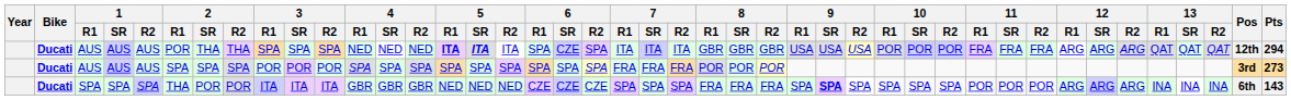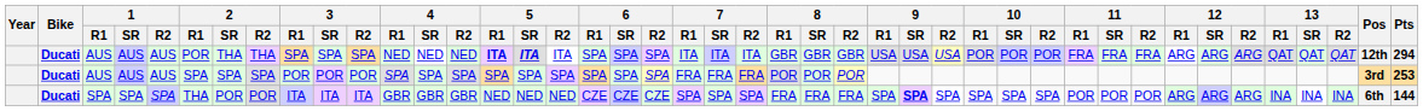 <table class="wikitable" style="text-align:center; font-size:90%;">
 <tr>
 <th rowspan="2">Year</th>
 <th rowspan="2">Bike</th>
 <th colspan="3">1</th>
 <th colspan="3">2</th>
 <th colspan="3">3</th>
 <th colspan="3">4</th>
 <th colspan="3">5</th>
 <th colspan="3">6</th>
 <th colspan="3">7</th>
 <th colspan="3">8</th>
 <th colspan="3">9</th>
 <th colspan="3">10</th>
 <th colspan="3">11</th>
 <th colspan="3">12</th>
 <th colspan="3">13</th>
 <th rowspan="2">Pos</th>
 <th rowspan="2">Pts</th>
 </tr>
 <tr>
 <th>R1</th>
 <th>SR</th>
 <th>R2</th>
 <th>R1</th>
 <th>SR</th>
 <th>R2</th>
 <th>R1</th>
 <th>SR</th>
 <th>R2</th>
 <th>R1</th>
 <th>SR</th>
 <th>R2</th>
 <th>R1</th>
 <th>SR</th>
 <th>R2</th>
 <th>R1</th>
 <th>SR</th>
 <th>R2</th>
 <th>R1</th>
 <th>SR</th>
 <th>R2</th>
 <th>R1</th>
 <th>SR</th>
 <th>R2</th>
 <th>R1</th>
 <th>SR</th>
 <th>R2</th>
 <th>R1</th>
 <th>SR</th>
 <th>R2</th>
 <th>R1</th>
 <th>SR</th>
 <th>R2</th>
 <th>R1</th>
 <th>SR</th>
 <th>R2</th>
 <th>R1</th>
 <th>SR</th>
 <th>R2</th>
 </tr>
 <tr>
 <th></th>
 <th><a href='#'>Ducati</a></th>
 <td style="background:#dfffdf;"><a href='#'>AUS</a><br></td>
 <td style="background:#cfcfff;"><a href='#'>AUS</a><br></td>
 <td style="background:#dfffdf;"><a href='#'>AUS</a><br></td>
 <td style="background:#dfffdf;"><a href='#'>POR</a><br></td>
 <td style="background:#dfffdf;"><a href='#'>THA</a><br></td>
 <td style="background:#efcfff;"><a href='#'>THA</a><br></td>
 <td style="background:#ffdf9f;"><a href='#'>SPA</a><br></td>
 <td style="background:#dfffdf;"><a href='#'>SPA</a><br></td>
 <td style="background:#ffdf9f;"><a href='#'>SPA</a><br></td>
 <td style="background:#dfffdf;"><a href='#'>NED</a><br></td>
 <td style="background:#ffffff;"><a href='#'>NED</a><br></td>
 <td style="background:#dfffdf;"><a href='#'>NED</a><br></td>
 <td style="background:#efcfff;"><strong><a href='#'>ITA</a></strong><br></td>
 <td style="background:#dfdfdf;"><strong><em><a href='#'>ITA</a></em></strong><br></td>
 <td style="background:#ffffff;"><a href='#'>ITA</a><br></td>
 <td style="background:#dfffdf;"><a href='#'>SPA</a><br></td>
-<td style="background:#cfcfff;"><a href='#'>CZE</a><br></td>
+<td style="background:#cfcfff;"><a href='#'>SPA</a><br></td>
 <td style="background:#efcfff;"><a href='#'>SPA</a><br></td>
 <td style="background:#dfffdf;"><a href='#'>ITA</a><br></td>
 <td style="background:#cfcfff;"><a href='#'>ITA</a><br></td>
 <td style="background:#dfffdf;"><a href='#'>ITA</a><br></td>
 <td style="background:#dfffdf;"><a href='#'>GBR</a><br></td>
 <td style="background:#dfffdf;"><a href='#'>GBR</a><br></td>
 <td style="background:#dfffdf;"><a href='#'>GBR</a><br></td>
 <td style="background:#dfdfdf;"><a href='#'>USA</a><br></td>
 <td style="background:#dfdfdf;"><a href='#'>USA</a><br></td>
 <td style="background:#ffffbf;"><em><a href='#'>USA</a></em><br></td>
 <td style="background:#dfdfdf;"><a href='#'>POR</a><br></td>
 <td style="background:#cfcfff;"><a href='#'>POR</a><br></td>
 <td style="background:#cfcfff;"><a href='#'>POR</a><br></td>
 <td style="background:#efcfff;"><a href='#'>FRA</a><br></td>
 <td style="background:#dfffdf;"><a href='#'>FRA</a><br></td>
 <td style="background:#dfffdf;"><a href='#'>FRA</a><br></td>
 <td style="background:#ffffff;"><a href='#'>ARG</a><br></td>
 <td style="background:#dfffdf;"><a href='#'>ARG</a><br></td>
 <td style="background:#dfdfdf;"><em><a href='#'>ARG</a></em><br></td>
 <td style="background:#dfdfdf;"><a href='#'>QAT</a><br></td>
 <td style="background:#dfffdf;"><a href='#'>QAT</a><br></td>
 <td style="background:#dfdfdf;"><em><a href='#'>QAT</a></em><br></td>
 <th>12th</th>
 <th>294</th>
 </tr>
 <tr>
 <th></th>
 <th><a href='#'>Ducati</a></th>
 <td style="background:#dfffdf;"><a href='#'>AUS</a><br></td>
 <td style="background:#cfcfff;"><a href='#'>AUS</a><br></td>
 <td style="background:#dfffdf;"><a href='#'>AUS</a><br></td>
 <td style="background:#dfffdf;"><a href='#'>SPA</a><br></td>
 <td style="background:#dfffdf;"><a href='#'>SPA</a><br></td>
 <td style="background:#dfdfdf;"><a href='#'>SPA</a><br></td>
 <td style="background:#dfffdf;"><a href='#'>POR</a><br></td>
 <td style="background:#efcfff;"><a href='#'>POR</a><br></td>
 <td style="background:#dfffdf;"><a href='#'>POR</a><br></td>
 <td style="background:#dfdfdf;"><em><a href='#'>SPA</a></em><br></td>
 <td style="background:#dfffdf;"><a href='#'>SPA</a><br></td>
 <td style="background:#dfdfdf;"><a href='#'>SPA</a><br></td>
 <td style="background:#ffdf9f;"><a href='#'>SPA</a><br></td>
 <td style="background:#dfffdf;"><a href='#'>SPA</a><br></td>
 <td style="background:#efcfff;"><a href='#'>SPA</a><br></td>
 <td style="background:#ffdf9f;"><a href='#'>SPA</a><br></td>
 <td style="background:#dfffdf;"><a href='#'>SPA</a><br></td>
 <td style="background:#ffffbf;"><em><a href='#'>SPA</a></em><br></td>
 <td style="background:#dfffdf;"><a href='#'>FRA</a><br></td>
 <td style="background:#dfffdf;"><a href='#'>FRA</a><br></td>
 <td style="background:#ffdf9f;"><a href='#'>FRA</a><br></td>
 <td style="background:#dfdfdf;"><a href='#'>POR</a><br></td>
 <td style="background:#dfffdf;"><a href='#'>POR</a><br></td>
 <td style="background:#ffffbf;"><em><a href='#'>POR</a></em><br></td>
 <td></td>
 <td></td>
 <td></td>
 <td></td>
 <td></td>
 <td></td>
 <td></td>
 <td></td>
 <td></td>
 <td></td>
 <td></td>
 <td></td>
 <td></td>
 <td></td>
 <td></td>
 <th style="background:#ffdf9f;">3rd</th>
-<th style="background:#ffdf9f;">273</th>
+<th style="background:#ffdf9f;">253</th>
 </tr>
 <tr>
 <th></th>
 <th><a href='#'>Ducati</a></th>
 <td style="background:#dfffdf;"><a href='#'>SPA</a><br></td>
 <td style="background:#dfffdf;"><a href='#'>SPA</a><br></td>
 <td style="background:#cfcfff;"><em><a href='#'>SPA</a></em><br></td>
 <td style="background:#dfffdf;"><a href='#'>THA</a><br></td>
 <td style="background:#dfffdf;"><a href='#'>POR</a><br></td>
 <td style="background:#dfdfdf;"><a href='#'>POR</a><br></td>
 <td style="background:#cfcfff;"><a href='#'>ITA</a><br></td>
 <td style="background:#efcfff;"><a href='#'>ITA</a><br></td>
 <td style="background:#efcfff;"><a href='#'>ITA</a><br></td>
 <td style="background:#dfffdf;"><a href='#'>GBR</a><br></td>
 <td style="background:#dfffdf;"><a href='#'>GBR</a><br></td>
 <td style="background:#dfffdf;"><a href='#'>GBR</a><br></td>
 <td style="background:#dfffdf;"><a href='#'>NED</a><br></td>
 <td style="background:#dfffdf;"><a href='#'>NED</a><br></td>
 <td style="background:#dfffdf;"><a href='#'>NED</a><br></td>
 <td style="background:#efcfff;"><a href='#'>CZE</a><br></td>
 <td style="background:#cfcfff;"><a href='#'>CZE</a><br></td>
 <td style="background:#dfffdf;"><a href='#'>CZE</a><br></td>
 <td style="background:#efcfff;"><a href='#'>SPA</a><br></td>
 <td style="background:#dfffdf;"><a href='#'>SPA</a><br></td>
 <td style="background:#efcfff;"><a href='#'>SPA</a><br></td>
 <td style="background:#dfffdf;"><a href='#'>FRA</a><br></td>
 <td style="background:#dfffdf;"><a href='#'>FRA</a><br></td>
 <td style="background:#dfffdf;"><a href='#'>FRA</a><br></td>
 <td style="background:#dfffdf;"><a href='#'>SPA</a><br></td>
 <td style="background:#efcfff;"><strong><a href='#'>SPA</a><br></strong></td>
 <td style="background:#ffffff;"><a href='#'>SPA</a><br></td>
 <td><a href='#'>SPA</a></td>
 <td><a href='#'>SPA</a></td>
 <td><a href='#'>SPA</a></td>
 <td><a href='#'>POR</a></td>
 <td><a href='#'>POR</a></td>
 <td><a href='#'>POR</a></td>
 <td style="background:#dfffdf;"><a href='#'>ARG</a><br></td>
 <td style="background:#cfcfff;"><a href='#'>ARG</a><br></td>
 <td style="background:#dfffdf;"><a href='#'>ARG</a><br></td>
 <td style="background:#dfffdf;"><a href='#'>INA</a><br></td>
 <td style="background:#ffffff;"><a href='#'>INA</a><br></td>
 <td style="background:#dfffdf;"><a href='#'>INA</a><br></td>
 <th>6th</th>
-<th>143</th>
+<th>144</th>
 </tr>
 </table>
